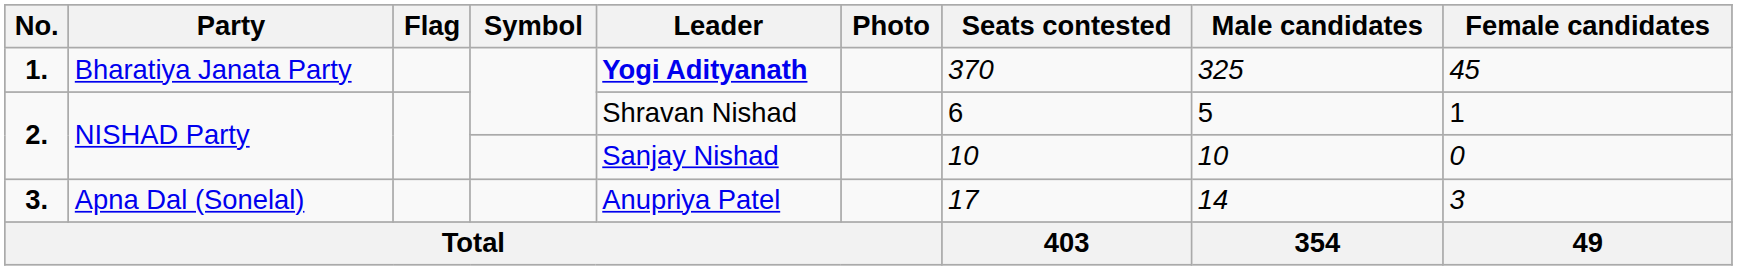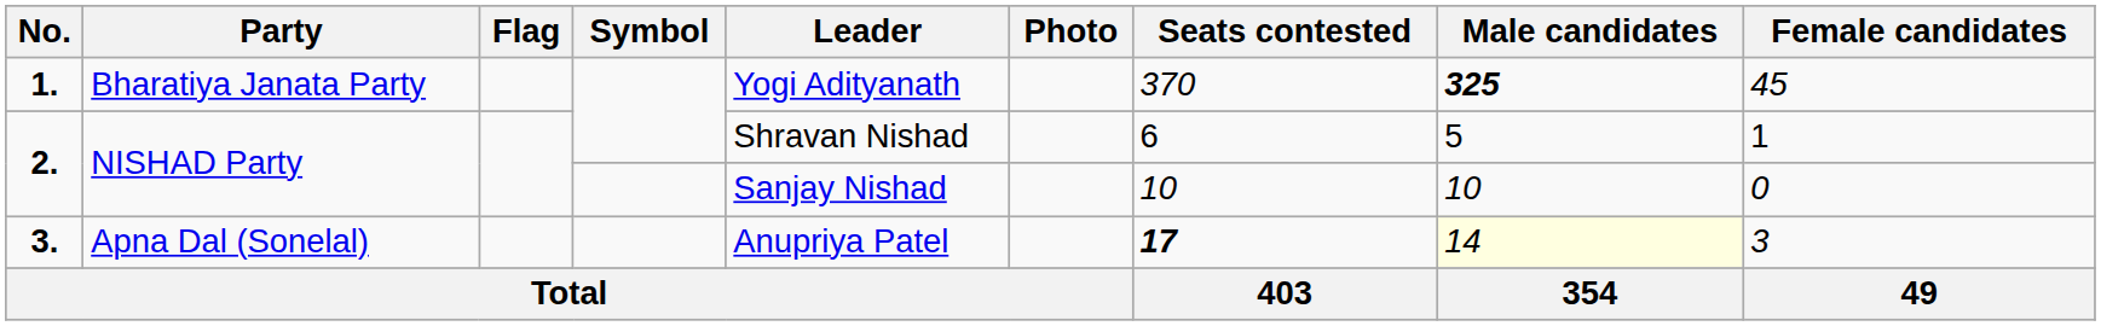 <table class="wikitable" style="width:80%">
 <tr>
 <th>No.</th>
 <th>Party</th>
 <th>Flag</th>
 <th>Symbol</th>
 <th>Leader</th>
 <th>Photo</th>
 <th>Seats contested</th>
 <th>Male candidates</th>
 <th>Female candidates</th>
 </tr>
 <tr>
 <td style="text-align:center; background:"><strong>1.</strong></td>
 <td><a href='#'>Bharatiya Janata Party</a></td>
 <td></td>
 <td rowspan="2"></td>
-<td><strong><a href='#'>Yogi Adityanath</a></strong></td>
+<td><a href='#'>Yogi Adityanath</a></td>
 <td></td>
 <td><em>370</em></td>
-<td><em>325</em></td>
+<td><strong><em>325</em></strong></td>
 <td><em>45</em></td>
 </tr>
 <tr>
 <td rowspan="2" style="text-align:center; background:"><strong>2.</strong></td>
 <td rowspan="2"><a href='#'>NISHAD Party</a></td>
 <td rowspan="2"></td>
 <td>Shravan Nishad</td>
 <td></td>
 <td>6</td>
 <td>5</td>
 <td>1</td>
 </tr>
 <tr>
 <td></td>
 <td><a href='#'>Sanjay Nishad</a></td>
 <td></td>
 <td><em>10</em></td>
 <td><em>10</em></td>
 <td><em>0</em></td>
 </tr>
 <tr>
 <td style="text-align:center; background:"><strong>3.</strong></td>
 <td><a href='#'>Apna Dal (Sonelal)</a></td>
 <td></td>
 <td></td>
 <td><a href='#'>Anupriya Patel</a></td>
 <td></td>
-<td><em>17</em></td>
-<td><em>14</em></td>
+<td><strong><em>17</em></strong></td>
+<td style="background: lightyellow;"><em>14</em></td>
 <td><em>3</em></td>
 </tr>
 <tr>
 <th colspan="6">Total</th>
 <th>403</th>
 <th>354</th>
 <th>49</th>
 </tr>
 </table>
